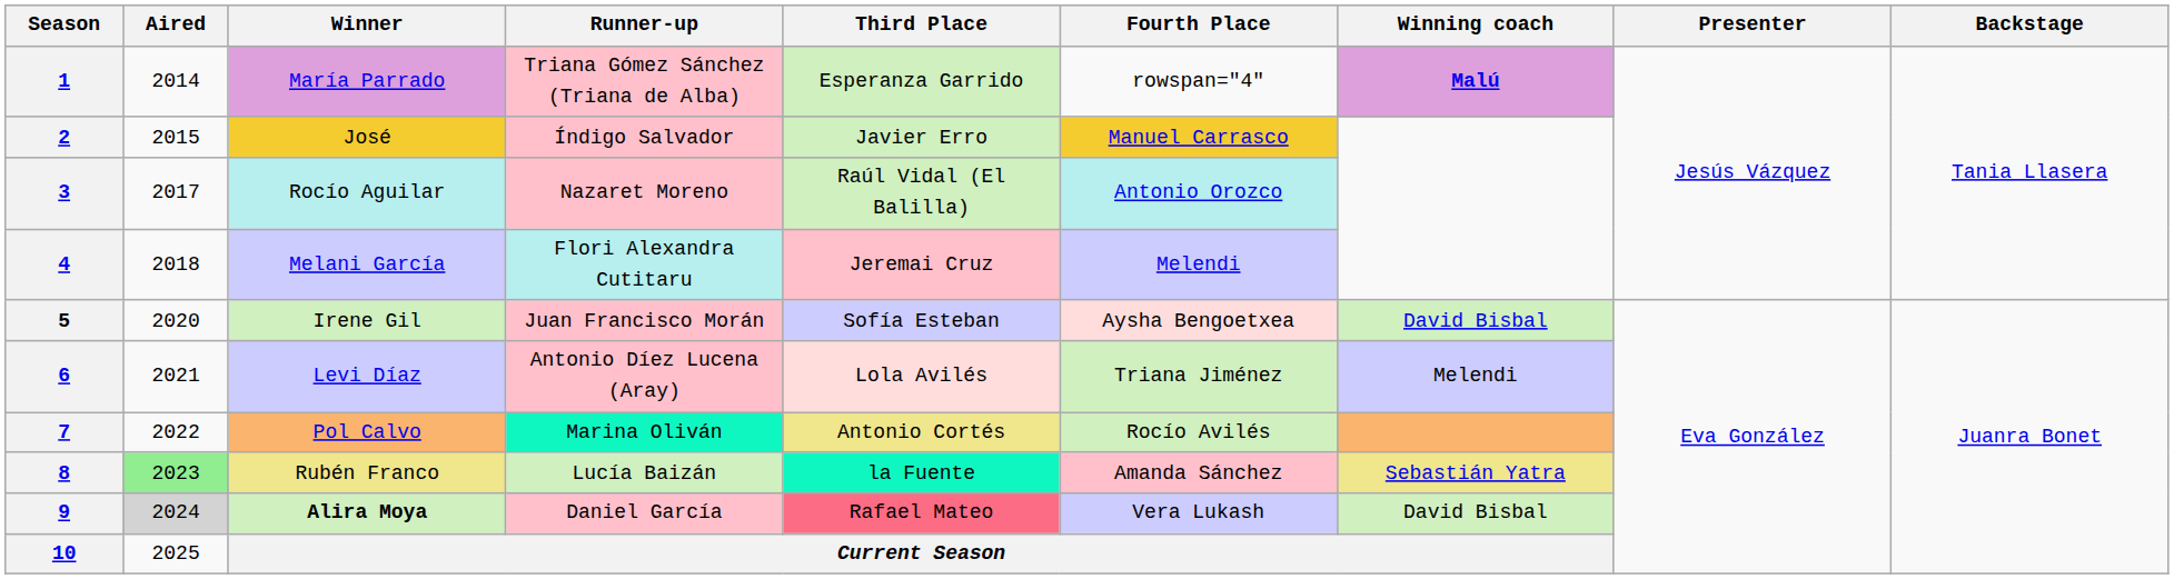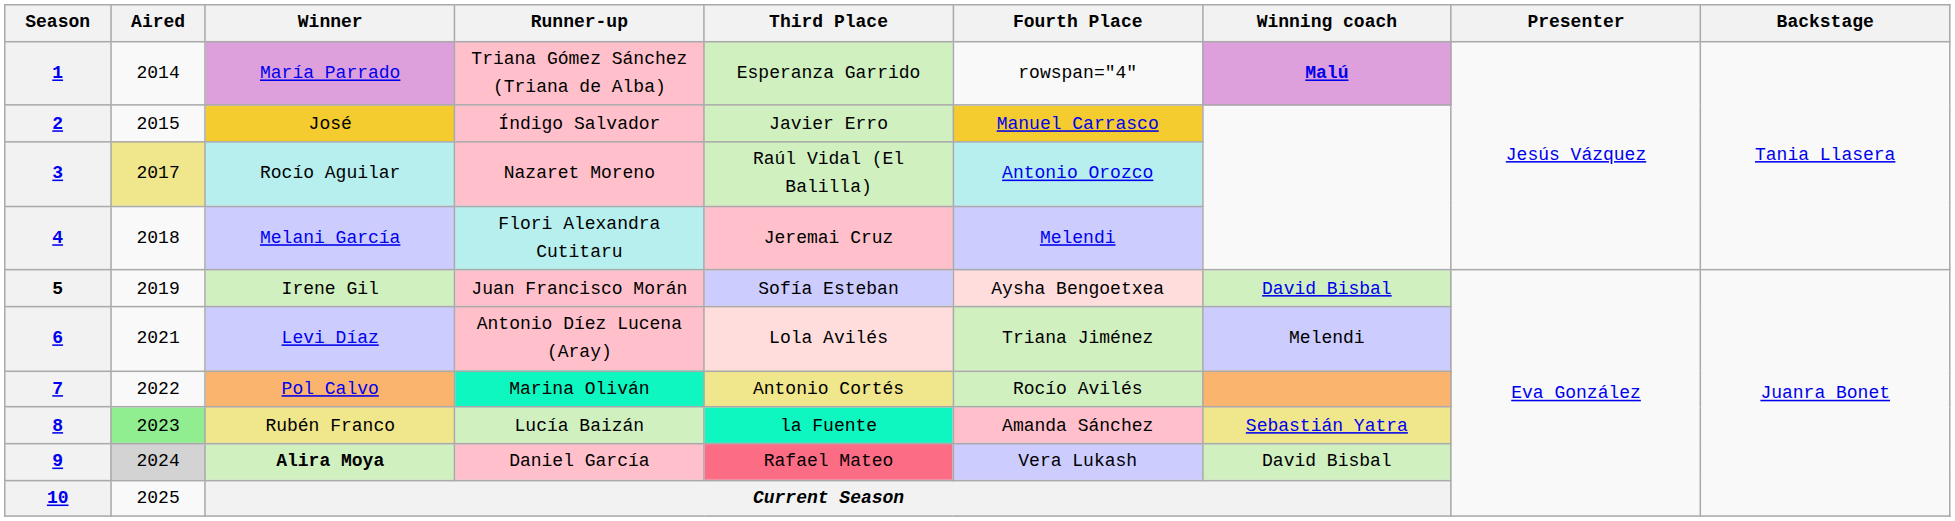 <table class="wikitable" style="text-align:center; font-size:90%; line-height:18px; width:100%">
 <tr>
 <th scope="col" width="2%">Season</th>
 <th scope="col" width="2%">Aired</th>
 <th scope="col" width="7%">Winner</th>
 <th scope="col" width="7%">Runner-up</th>
 <th scope="col" width="7%">Third Place</th>
 <th scope="col" width="7%">Fourth Place</th>
 <th scope="col" width="7%">Winning coach</th>
 <th scope="col" width="7%">Presenter</th>
 <th scope="col" width="7%">Backstage</th>
 </tr>
 <tr>
 <th><a href='#'>1</a></th>
 <td>2014</td>
 <td bgcolor="#dda0dd"><a href='#'>María Parrado</a></td>
 <td bgcolor="pink">Triana Gómez Sánchez (Triana de Alba)</td>
 <td bgcolor="#d0f0c0">Esperanza Garrido</td>
 <td>rowspan="4" </td>
 <td bgcolor="#dda0dd"><strong><a href='#'>Malú</a></strong></td>
 <td rowspan="4"><a href='#'>Jesús Vázquez</a></td>
 <td rowspan="4"><a href='#'>Tania Llasera</a></td>
 </tr>
 <tr>
 <th><a href='#'>2</a></th>
 <td>2015</td>
 <td bgcolor="#F4CC30">José </td>
 <td bgcolor="pink">Índigo Salvador</td>
 <td bgcolor="#d0f0c0">Javier Erro</td>
 <td bgcolor="#F4CC30"><a href='#'>Manuel Carrasco</a></td>
 </tr>
 <tr>
 <th><a href='#'>3</a></th>
-<td>2017</td>
+<td style="background: khaki;">2017</td>
 <td bgcolor="#b7efef">Rocío Aguilar</td>
 <td bgcolor="pink">Nazaret Moreno</td>
 <td bgcolor="#d0f0c0" width="7%">Raúl Vidal (El Balilla)</td>
 <td bgcolor="#b7efef"><a href='#'>Antonio Orozco</a></td>
 </tr>
 <tr>
 <th><a href='#'>4</a></th>
 <td>2018</td>
 <td bgcolor="#ccf"><a href='#'>Melani García</a></td>
 <td bgcolor="#b7efef">Flori Alexandra Cutitaru</td>
 <td bgcolor="pink">Jeremai Cruz</td>
 <td rowspan="1" bgcolor="#ccf"><a href='#'>Melendi</a></td>
 </tr>
 <tr>
 <th>5</th>
-<td>2020</td>
+<td>2019</td>
 <td bgcolor="#d0f0c0">Irene Gil</td>
 <td bgcolor="pink">Juan Francisco Morán </td>
 <td bgcolor="#ccccff">Sofía Esteban</td>
 <td bgcolor="#ffdddd">Aysha Bengoetxea</td>
 <td bgcolor="#d0f0c0"><a href='#'>David Bisbal</a></td>
 <td rowspan="6"><a href='#'>Eva González</a></td>
 <td rowspan="6"><a href='#'>Juanra Bonet</a></td>
 </tr>
 <tr>
 <th><a href='#'>6</a></th>
 <td>2021</td>
 <td bgcolor="#ccccff"><a href='#'>Levi Díaz</a></td>
 <td bgcolor="pink">Antonio Díez Lucena (Aray)</td>
 <td bgcolor="#ffdddd">Lola Avilés</td>
 <td bgcolor="#d0f0c0">Triana Jiménez</td>
 <td bgcolor="#ccf">Melendi</td>
 </tr>
 <tr>
 <th><a href='#'>7</a></th>
 <td>2022</td>
 <td bgcolor="#fbb46e"><a href='#'>Pol Calvo</a></td>
 <td bgcolor="#0ff7c0">Marina Oliván</td>
 <td bgcolor="khaki">Antonio Cortés</td>
 <td bgcolor="#d0f0c0">Rocío Avilés</td>
 <td bgcolor="#fbb46e"><a href='#'></a></td>
 </tr>
 <tr>
 <th><a href='#'>8</a></th>
 <td style="background: lightgreen;">2023</td>
 <td bgcolor="khaki">Rubén Franco</td>
 <td bgcolor="#d0f0c0">Lucía Baizán</td>
 <td bgcolor="#0ff7c0"> la Fuente </td>
 <td bgcolor="pink">Amanda Sánchez </td>
 <td bgcolor="khaki"><a href='#'>Sebastián Yatra</a></td>
 </tr>
 <tr>
 <th><a href='#'>9</a></th>
 <td style="background: lightgrey;">2024</td>
 <td bgcolor="#d0f0c0"><strong>Alira Moya</strong></td>
 <td bgcolor="pink">Daniel García</td>
 <td bgcolor="#FC6C85">Rafael Mateo </td>
 <td bgcolor="#ccccff">Vera Lukash </td>
 <td bgcolor="#d0f0c0">David Bisbal</td>
 </tr>
 <tr>
 <th><a href='#'>10</a></th>
 <td>2025</td>
 <th colspan="5"><em>Current Season</em></th>
 </tr>
 </table>
